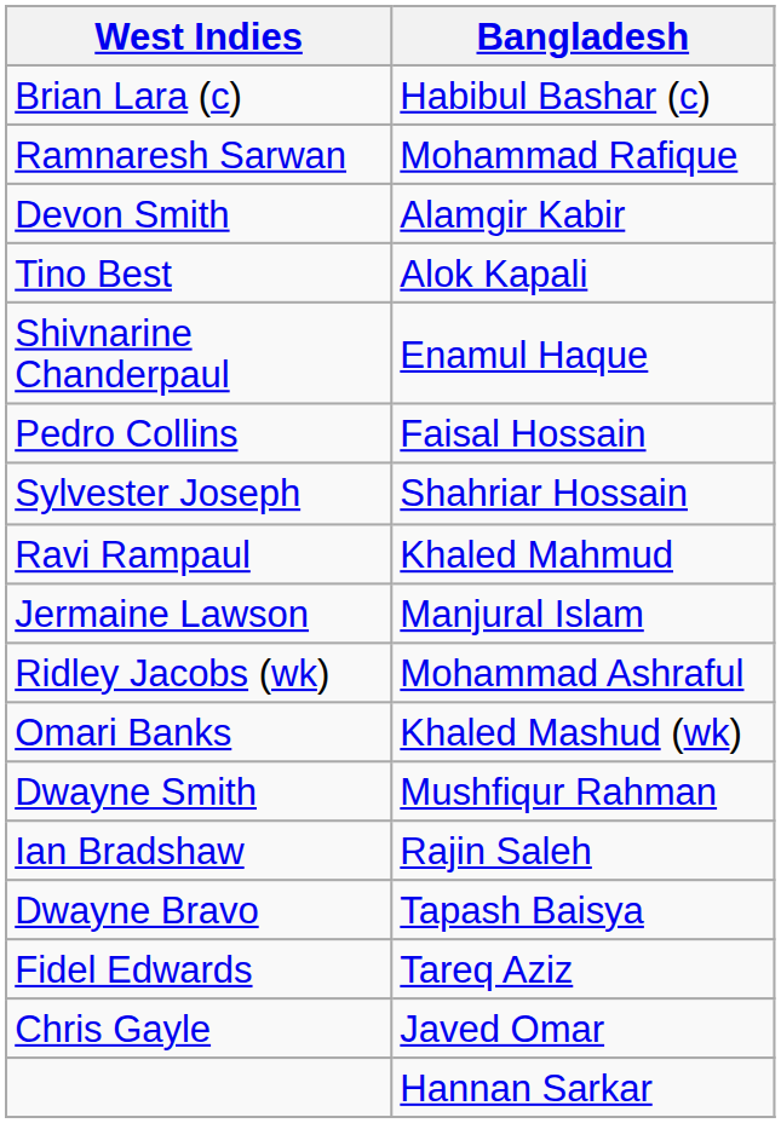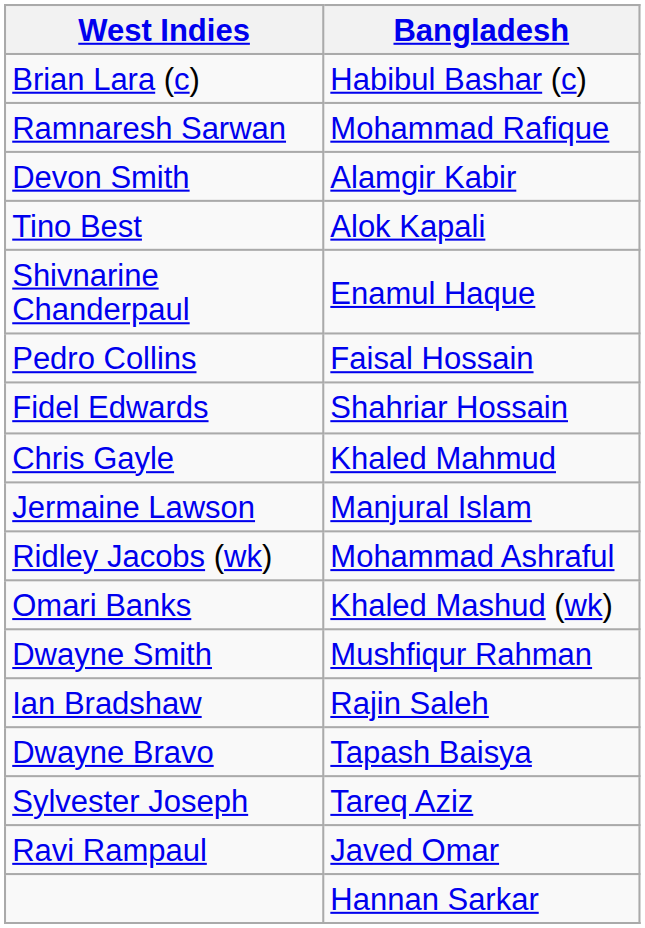 <table class="wikitable" style="font-size:95%;" width="50%">
 <tr>
 <th align=left width=25%><a href='#'>West Indies</a></th>
 <th align=left width=25%><a href='#'>Bangladesh</a></th>
 </tr>
 <tr>
 <td><a href='#'>Brian Lara</a> (<a href='#'>c</a>)</td>
 <td><a href='#'>Habibul Bashar</a> (<a href='#'>c</a>)</td>
 </tr>
 <tr>
 <td><a href='#'>Ramnaresh Sarwan</a></td>
 <td><a href='#'>Mohammad Rafique</a></td>
 </tr>
 <tr>
 <td><a href='#'>Devon Smith</a></td>
 <td><a href='#'>Alamgir Kabir</a></td>
 </tr>
 <tr>
 <td><a href='#'>Tino Best</a></td>
 <td><a href='#'>Alok Kapali</a></td>
 </tr>
 <tr>
 <td><a href='#'>Shivnarine Chanderpaul</a></td>
 <td><a href='#'>Enamul Haque</a></td>
 </tr>
 <tr>
 <td><a href='#'>Pedro Collins</a></td>
 <td><a href='#'>Faisal Hossain</a></td>
 </tr>
 <tr>
-<td><a href='#'>Sylvester Joseph</a></td>
+<td><a href='#'>Fidel Edwards</a></td>
 <td><a href='#'>Shahriar Hossain</a></td>
 </tr>
 <tr>
-<td><a href='#'>Ravi Rampaul</a></td>
+<td><a href='#'>Chris Gayle</a></td>
 <td><a href='#'>Khaled Mahmud</a></td>
 </tr>
 <tr>
 <td><a href='#'>Jermaine Lawson</a></td>
 <td><a href='#'>Manjural Islam</a></td>
 </tr>
 <tr>
 <td><a href='#'>Ridley Jacobs</a> (<a href='#'>wk</a>)</td>
 <td><a href='#'>Mohammad Ashraful</a></td>
 </tr>
 <tr>
 <td><a href='#'>Omari Banks</a></td>
 <td><a href='#'>Khaled Mashud</a> (<a href='#'>wk</a>)</td>
 </tr>
 <tr>
 <td><a href='#'>Dwayne Smith</a></td>
 <td><a href='#'>Mushfiqur Rahman</a></td>
 </tr>
 <tr>
 <td><a href='#'>Ian Bradshaw</a></td>
 <td><a href='#'>Rajin Saleh</a></td>
 </tr>
 <tr>
 <td><a href='#'>Dwayne Bravo</a></td>
 <td><a href='#'>Tapash Baisya</a></td>
 </tr>
 <tr>
-<td><a href='#'>Fidel Edwards</a></td>
+<td><a href='#'>Sylvester Joseph</a></td>
 <td><a href='#'>Tareq Aziz</a></td>
 </tr>
 <tr>
-<td><a href='#'>Chris Gayle</a></td>
+<td><a href='#'>Ravi Rampaul</a></td>
 <td><a href='#'>Javed Omar</a></td>
 </tr>
 <tr>
 <td></td>
 <td><a href='#'>Hannan Sarkar</a></td>
 </tr>
 <tr>
 </tr>
 </table>
